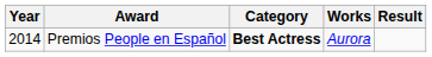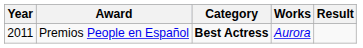 <table class="wikitable">
 <tr style="background:#b0c4de;">
 <th>Year</th>
 <th>Award</th>
 <th>Category</th>
 <th>Works</th>
 <th>Result</th>
 </tr>
 <tr>
-<td>2014</td>
+<td>2011</td>
 <td>Premios <a href='#'>People en Español</a></td>
 <td><strong>Best Actress</strong></td>
 <td><em><a href='#'>Aurora</a></em></td>
 <td></td>
 </tr>
 </table>
